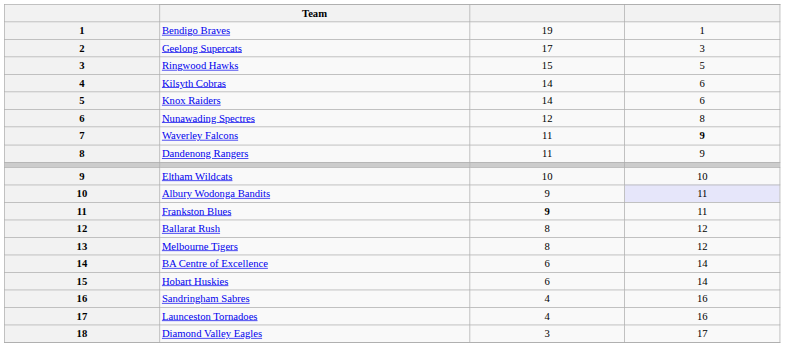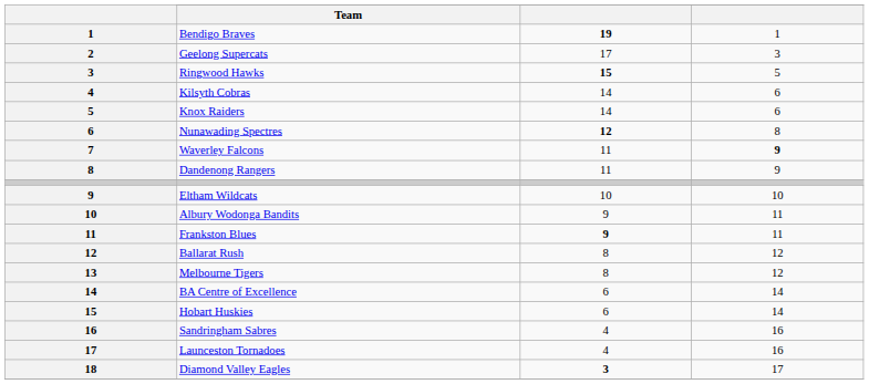 <table class="wikitable" width="70%" style="font-size:95%; text-align:center">
 <tr>
 <th width="5%" rowspan=2></th>
 </tr>
 <tr>
 <th width="10%">Team</th>
 <th width="5%"></th>
 <th width="5%"></th>
 </tr>
 <tr>
 <th>1</th>
 <td align=left><a href='#'>Bendigo Braves</a></td>
-<td>19</td>
+<td><strong>19</strong></td>
 <td>1</td>
 </tr>
 <tr>
 <th>2</th>
 <td align=left><a href='#'>Geelong Supercats</a></td>
 <td>17</td>
 <td>3</td>
 </tr>
 <tr>
 <th>3</th>
 <td align=left><a href='#'>Ringwood Hawks</a></td>
-<td>15</td>
+<td><strong>15</strong></td>
 <td>5</td>
 </tr>
 <tr>
 <th>4</th>
 <td align=left><a href='#'>Kilsyth Cobras</a></td>
 <td>14</td>
 <td>6</td>
 </tr>
 <tr>
 <th>5</th>
 <td align=left><a href='#'>Knox Raiders</a></td>
 <td>14</td>
 <td>6</td>
 </tr>
 <tr>
 <th>6</th>
 <td align=left><a href='#'>Nunawading Spectres</a></td>
-<td>12</td>
+<td><strong>12</strong></td>
 <td>8</td>
 </tr>
 <tr>
 <th>7</th>
 <td align=left><a href='#'>Waverley Falcons</a></td>
 <td>11</td>
 <td><strong>9</strong></td>
 </tr>
 <tr>
 <th>8</th>
 <td align=left><a href='#'>Dandenong Rangers</a></td>
 <td>11</td>
 <td>9</td>
 </tr>
 <tr bgcolor="#cccccc">
 <td></td>
 <td></td>
 <td></td>
 <td></td>
 </tr>
 <tr>
 <th>9</th>
 <td align=left><a href='#'>Eltham Wildcats</a></td>
 <td>10</td>
 <td>10</td>
 </tr>
 <tr>
 <th>10</th>
 <td align=left><a href='#'>Albury Wodonga Bandits</a></td>
 <td>9</td>
-<td style="background: lavender;">11</td>
+<td>11</td>
 </tr>
 <tr>
 <th>11</th>
 <td align=left><a href='#'>Frankston Blues</a></td>
 <td><strong>9</strong></td>
 <td>11</td>
 </tr>
 <tr>
 <th>12</th>
 <td align=left><a href='#'>Ballarat Rush</a></td>
 <td>8</td>
 <td>12</td>
 </tr>
 <tr>
 <th>13</th>
 <td align=left><a href='#'>Melbourne Tigers</a></td>
 <td>8</td>
 <td>12</td>
 </tr>
 <tr>
 <th>14</th>
 <td align=left><a href='#'>BA Centre of Excellence</a></td>
 <td>6</td>
 <td>14</td>
 </tr>
 <tr>
 <th>15</th>
 <td align=left><a href='#'>Hobart Huskies</a></td>
 <td>6</td>
 <td>14</td>
 </tr>
 <tr>
 <th>16</th>
 <td align=left><a href='#'>Sandringham Sabres</a></td>
 <td>4</td>
 <td>16</td>
 </tr>
 <tr>
 <th>17</th>
 <td align=left><a href='#'>Launceston Tornadoes</a></td>
 <td>4</td>
 <td>16</td>
 </tr>
 <tr>
 <th>18</th>
 <td align=left><a href='#'>Diamond Valley Eagles</a></td>
-<td>3</td>
+<td><strong>3</strong></td>
 <td>17</td>
 </tr>
 <tr>
 </tr>
 </table>
